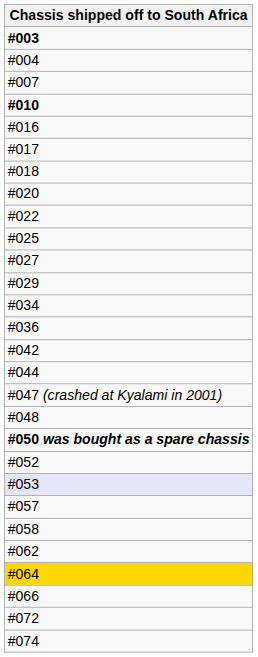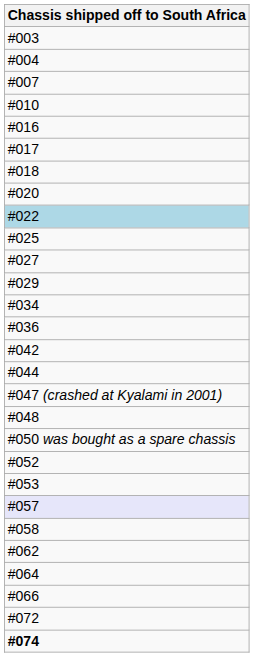 <table class="wikitable collapsible collapsed">
 <tr>
 <th>Chassis shipped off to South Africa</th>
 </tr>
 <tr>
-<td><strong>#003</strong></td>
+<td>#003</td>
 </tr>
 <tr>
 <td>#004</td>
 </tr>
 <tr>
 <td>#007</td>
 </tr>
 <tr>
-<td><strong>#010</strong></td>
+<td>#010</td>
 </tr>
 <tr>
 <td>#016</td>
 </tr>
 <tr>
 <td>#017</td>
 </tr>
 <tr>
 <td>#018</td>
 </tr>
 <tr>
 <td>#020</td>
 </tr>
 <tr>
-<td>#022</td>
+<td style="background: lightblue;">#022</td>
 </tr>
 <tr>
 <td>#025</td>
 </tr>
 <tr>
 <td>#027</td>
 </tr>
 <tr>
 <td>#029</td>
 </tr>
 <tr>
 <td>#034</td>
 </tr>
 <tr>
 <td>#036</td>
 </tr>
 <tr>
 <td>#042</td>
 </tr>
 <tr>
 <td>#044</td>
 </tr>
 <tr>
 <td>#047 <em>(crashed at Kyalami in 2001)</em></td>
 </tr>
 <tr>
 <td>#048</td>
 </tr>
 <tr>
-<td><strong>#050 <em>was bought as a spare chassis</em></strong></td>
+<td>#050 <em>was bought as a spare chassis</em></td>
 </tr>
 <tr>
 <td>#052</td>
 </tr>
 <tr>
-<td style="background: lavender;">#053</td>
+<td>#053</td>
 </tr>
 <tr>
-<td>#057</td>
+<td style="background: lavender;">#057</td>
 </tr>
 <tr>
 <td>#058</td>
 </tr>
 <tr>
 <td>#062</td>
 </tr>
 <tr>
-<td style="background: gold;">#064</td>
+<td>#064</td>
 </tr>
 <tr>
 <td>#066</td>
 </tr>
 <tr>
 <td>#072</td>
 </tr>
 <tr>
-<td>#074</td>
+<td><strong>#074</strong></td>
 </tr>
 </table>
